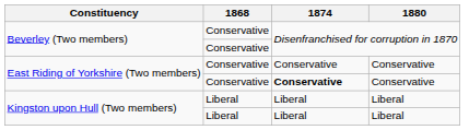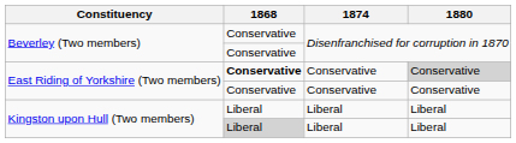 <table class="wikitable">
 <tr>
 <th>Constituency</th>
 <th>1868</th>
 <th>1874</th>
 <th>1880</th>
 </tr>
 <tr>
 <td rowspan="2"><a href='#'>Beverley</a> (Two members)</td>
 <td>Conservative</td>
 <td colspan="2" rowspan="2"><em>Disenfranchised for corruption in 1870</em></td>
 </tr>
 <tr>
 <td>Conservative</td>
 </tr>
 <tr>
 <td rowspan="2"><a href='#'>East Riding of Yorkshire</a> (Two members)</td>
+<td><strong>Conservative</strong></td>
 <td>Conservative</td>
-<td>Conservative</td>
-<td>Conservative</td>
+<td style="background: lightgrey;">Conservative</td>
 </tr>
 <tr>
 <td>Conservative</td>
-<td><strong>Conservative</strong></td>
+<td>Conservative</td>
 <td>Conservative</td>
 </tr>
 <tr>
 <td rowspan="2"><a href='#'>Kingston upon Hull</a> (Two members)</td>
 <td>Liberal</td>
 <td>Liberal</td>
 <td>Liberal</td>
 </tr>
 <tr>
-<td>Liberal</td>
+<td style="background: lightgrey;">Liberal</td>
 <td>Liberal</td>
 <td>Liberal</td>
 </tr>
 </table>
